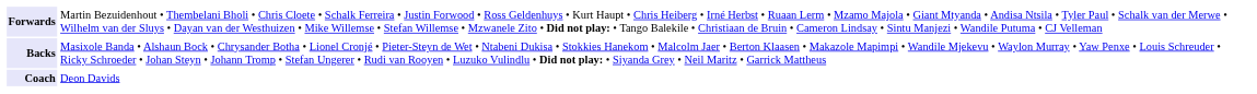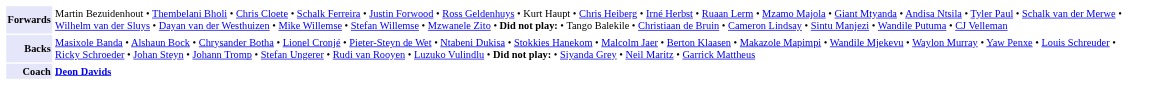 <table cellpadding="2" style="border: 1px solid white; font-size:90%;">
 <tr>
 <td style="text-align:right;" bgcolor="lavender"><strong>Forwards</strong></td>
 <td style="text-align:left;">Martin Bezuidenhout • <a href='#'>Thembelani Bholi</a> • <a href='#'>Chris Cloete</a> • <a href='#'>Schalk Ferreira</a> • <a href='#'>Justin Forwood</a> • <a href='#'>Ross Geldenhuys</a> • Kurt Haupt • <a href='#'>Chris Heiberg</a> • <a href='#'>Irné Herbst</a> • <a href='#'>Ruaan Lerm</a> • <a href='#'>Mzamo Majola</a> • <a href='#'>Giant Mtyanda</a> • <a href='#'>Andisa Ntsila</a> • <a href='#'>Tyler Paul</a> • <a href='#'>Schalk van der Merwe</a> • <a href='#'>Wilhelm van der Sluys</a> • <a href='#'>Dayan van der Westhuizen</a> • <a href='#'>Mike Willemse</a> • <a href='#'>Stefan Willemse</a> • <a href='#'>Mzwanele Zito</a> • <strong>Did not play:</strong> • Tango Balekile • <a href='#'>Christiaan de Bruin</a> • <a href='#'>Cameron Lindsay</a> • <a href='#'>Sintu Manjezi</a> • <a href='#'>Wandile Putuma</a> • <a href='#'>CJ Velleman</a></td>
 </tr>
 <tr>
 <td style="text-align:right;" bgcolor="lavender"><strong>Backs</strong></td>
 <td style="text-align:left;"><a href='#'>Masixole Banda</a> • <a href='#'>Alshaun Bock</a> • <a href='#'>Chrysander Botha</a> • <a href='#'>Lionel Cronjé</a> • <a href='#'>Pieter-Steyn de Wet</a> • <a href='#'>Ntabeni Dukisa</a> • <a href='#'>Stokkies Hanekom</a> • <a href='#'>Malcolm Jaer</a> • <a href='#'>Berton Klaasen</a> • <a href='#'>Makazole Mapimpi</a> • <a href='#'>Wandile Mjekevu</a> • <a href='#'>Waylon Murray</a> • <a href='#'>Yaw Penxe</a> • <a href='#'>Louis Schreuder</a> • <a href='#'>Ricky Schroeder</a> • <a href='#'>Johan Steyn</a> • <a href='#'>Johann Tromp</a> • <a href='#'>Stefan Ungerer</a> • <a href='#'>Rudi van Rooyen</a> • <a href='#'>Luzuko Vulindlu</a> • <strong>Did not play:</strong> • <a href='#'>Siyanda Grey</a> • <a href='#'>Neil Maritz</a> • <a href='#'>Garrick Mattheus</a></td>
 </tr>
 <tr>
 <td style="text-align:right;" bgcolor="lavender"><strong>Coach</strong></td>
-<td style="text-align:left;"><a href='#'>Deon Davids</a></td>
+<td style="text-align:left;"><strong><a href='#'>Deon Davids</a></strong></td>
 </tr>
 </table>
